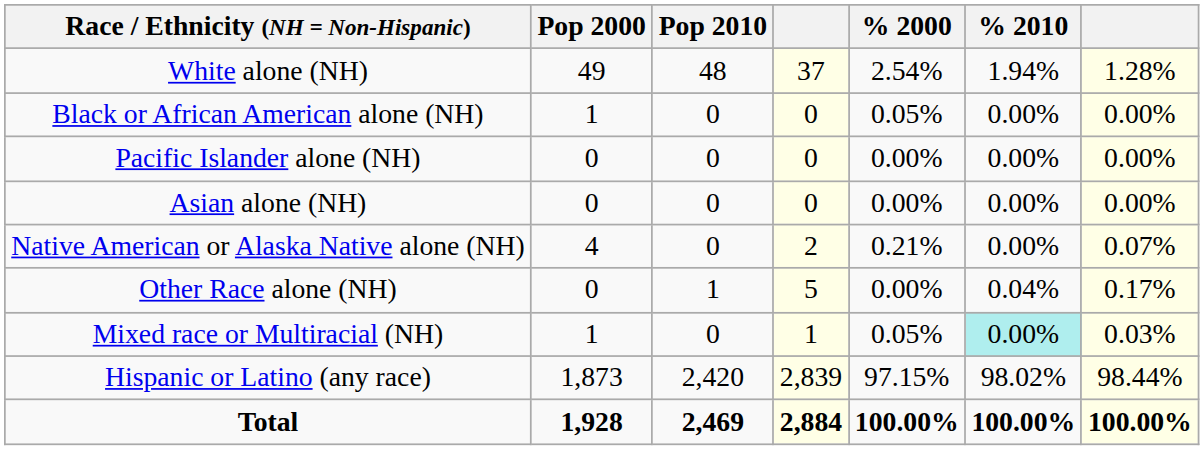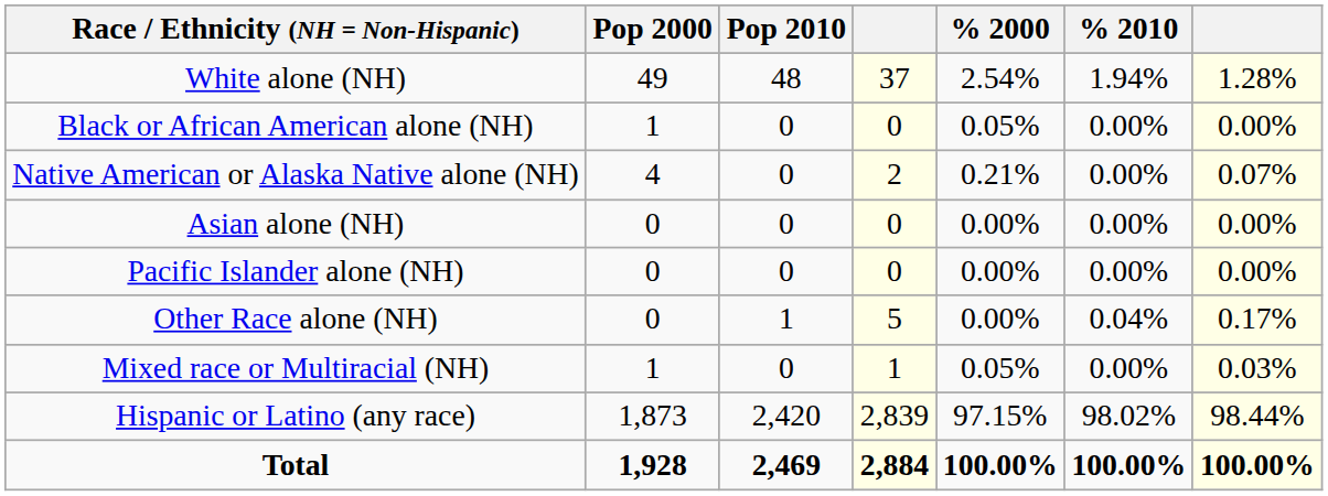 <table class="wikitable" style="text-align:center;">
 <tr>
 <th>Race / Ethnicity <small>(<em>NH = Non-Hispanic</em>)</small></th>
 <th>Pop 2000</th>
 <th>Pop 2010</th>
 <th></th>
 <th>% 2000</th>
 <th>% 2010</th>
 <th></th>
 </tr>
 <tr>
 <td><a href='#'>White</a> alone (NH)</td>
 <td>49</td>
 <td>48</td>
 <td style='background: #ffffe6;'>37</td>
 <td>2.54%</td>
 <td>1.94%</td>
 <td style='background: #ffffe6;'>1.28%</td>
 </tr>
 <tr>
 <td><a href='#'>Black or African American</a> alone (NH)</td>
 <td>1</td>
 <td>0</td>
 <td style='background: #ffffe6;'>0</td>
 <td>0.05%</td>
 <td>0.00%</td>
 <td style='background: #ffffe6;'>0.00%</td>
 </tr>
 <tr>
-<td><a href='#'>Pacific Islander</a> alone (NH)</td>
+<td><a href='#'>Native American</a> or <a href='#'>Alaska Native</a> alone (NH)</td>
+<td>4</td>
 <td>0</td>
-<td>0</td>
-<td style='background: #ffffe6;'>0</td>
+<td style='background: #ffffe6;'>2</td>
+<td>0.21%</td>
 <td>0.00%</td>
-<td>0.00%</td>
-<td style='background: #ffffe6;'>0.00%</td>
+<td style='background: #ffffe6;'>0.07%</td>
 </tr>
 <tr>
 <td><a href='#'>Asian</a> alone (NH)</td>
 <td>0</td>
 <td>0</td>
 <td style='background: #ffffe6;'>0</td>
 <td>0.00%</td>
 <td>0.00%</td>
 <td style='background: #ffffe6;'>0.00%</td>
 </tr>
 <tr>
-<td><a href='#'>Native American</a> or <a href='#'>Alaska Native</a> alone (NH)</td>
-<td>4</td>
+<td><a href='#'>Pacific Islander</a> alone (NH)</td>
 <td>0</td>
-<td style='background: #ffffe6;'>2</td>
-<td>0.21%</td>
+<td>0</td>
+<td style='background: #ffffe6;'>0</td>
 <td>0.00%</td>
-<td style='background: #ffffe6;'>0.07%</td>
+<td>0.00%</td>
+<td style='background: #ffffe6;'>0.00%</td>
 </tr>
 <tr>
 <td><a href='#'>Other Race</a> alone (NH)</td>
 <td>0</td>
 <td>1</td>
 <td style='background: #ffffe6;'>5</td>
 <td>0.00%</td>
 <td>0.04%</td>
 <td style='background: #ffffe6;'>0.17%</td>
 </tr>
 <tr>
 <td><a href='#'>Mixed race or Multiracial</a> (NH)</td>
 <td>1</td>
 <td>0</td>
 <td style='background: #ffffe6;'>1</td>
 <td>0.05%</td>
-<td style="background: paleturquoise;">0.00%</td>
+<td>0.00%</td>
 <td style='background: #ffffe6;'>0.03%</td>
 </tr>
 <tr>
 <td><a href='#'>Hispanic or Latino</a> (any race)</td>
 <td>1,873</td>
 <td>2,420</td>
 <td style='background: #ffffe6;'>2,839</td>
 <td>97.15%</td>
 <td>98.02%</td>
 <td style='background: #ffffe6;'>98.44%</td>
 </tr>
 <tr>
 <td><strong>Total</strong></td>
 <td><strong>1,928</strong></td>
 <td><strong>2,469</strong></td>
 <td style='background: #ffffe6;'><strong>2,884</strong></td>
 <td><strong>100.00%</strong></td>
 <td><strong>100.00%</strong></td>
 <td style='background: #ffffe6;'><strong>100.00%</strong></td>
 </tr>
 </table>
